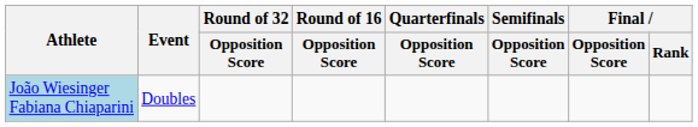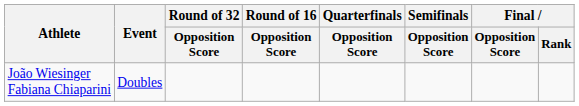 <table class=wikitable style="font-size:90%">
 <tr>
 <th rowspan="2">Athlete</th>
 <th rowspan="2">Event</th>
 <th>Round of 32</th>
 <th>Round of 16</th>
 <th>Quarterfinals</th>
 <th>Semifinals</th>
 <th colspan=2>Final / </th>
 </tr>
 <tr style="font-size:95%">
 <th>Opposition<br>Score</th>
 <th>Opposition<br>Score</th>
 <th>Opposition<br>Score</th>
 <th>Opposition<br>Score</th>
 <th>Opposition<br>Score</th>
 <th>Rank</th>
 </tr>
 <tr align=center>
-<td align=left style="background: lightblue;"><a href='#'>João Wiesinger</a><br><a href='#'>Fabiana Chiaparini</a></td>
+<td align=left><a href='#'>João Wiesinger</a><br><a href='#'>Fabiana Chiaparini</a></td>
 <td align=left rowspan="2"><a href='#'>Doubles</a></td>
 <td></td>
 <td></td>
 <td></td>
 <td></td>
 <td></td>
 <td></td>
 </tr>
 </table>
